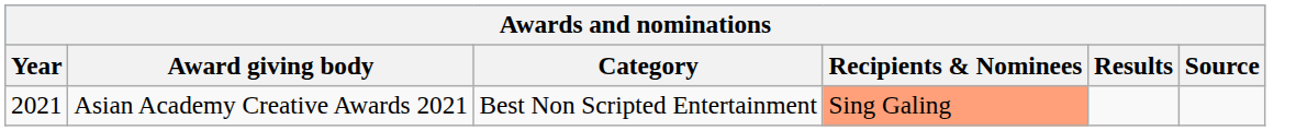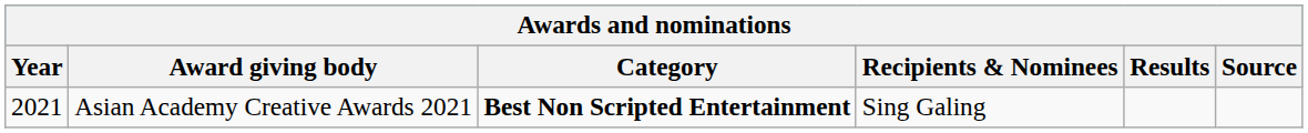 <table class="wikitable sortable">
 <tr style="text-align:center; background:#75b2dd;">
 <th colspan="6">Awards and nominations</th>
 </tr>
 <tr style="text-align:center; background:#ccc;">
 <th>Year</th>
 <th>Award giving body</th>
 <th>Category</th>
 <th>Recipients & Nominees</th>
 <th>Results</th>
 <th>Source</th>
 </tr>
 <tr>
 <td rowspan="4">2021</td>
 <td rowspan="4">Asian Academy Creative Awards 2021</td>
-<td>Best Non Scripted Entertainment</td>
-<td style="background: lightsalmon;">Sing Galing</td>
+<td><strong>Best Non Scripted Entertainment</strong></td>
+<td>Sing Galing</td>
 <td></td>
 <td></td>
 </tr>
 </table>
